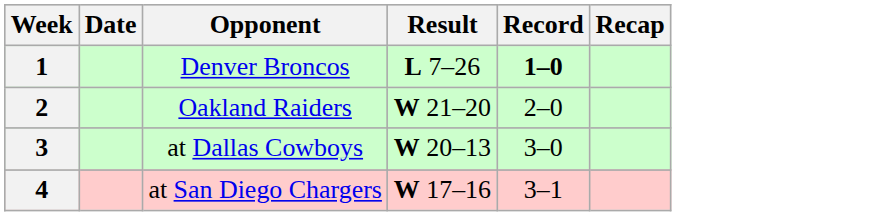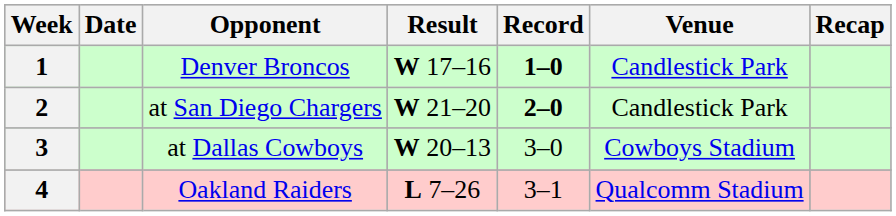 <table class="wikitable" style="text-align:center;">
 <tr>
 <th>Week</th>
 <th>Date</th>
 <th>Opponent</th>
 <th>Result</th>
 <th>Record</th>
+<th>Venue</th>
 <th>Recap</th>
 </tr>
 <tr style="background:#cfc">
 <th>1</th>
 <td></td>
 <td><a href='#'>Denver Broncos</a></td>
-<td><strong>L</strong> 7–26</td>
+<td><strong>W</strong> 17–16</td>
 <td><strong>1–0</strong></td>
+<td><a href='#'>Candlestick Park</a></td>
 <td></td>
 </tr>
 <tr style="background:#cfc">
 <th>2</th>
 <td></td>
-<td><a href='#'>Oakland Raiders</a></td>
+<td>at <a href='#'>San Diego Chargers</a></td>
 <td><strong>W</strong> 21–20</td>
-<td>2–0</td>
+<td><strong>2–0</strong></td>
+<td>Candlestick Park</td>
 <td></td>
 </tr>
 <tr style="background:#cfc">
 <th>3</th>
 <td></td>
 <td>at <a href='#'>Dallas Cowboys</a></td>
 <td><strong>W</strong> 20–13</td>
 <td>3–0</td>
+<td><a href='#'>Cowboys Stadium</a></td>
 <td></td>
 </tr>
 <tr style="background:#fcc">
 <th>4</th>
 <td></td>
-<td>at <a href='#'>San Diego Chargers</a></td>
-<td><strong>W</strong> 17–16</td>
+<td><a href='#'>Oakland Raiders</a></td>
+<td><strong>L</strong> 7–26</td>
 <td>3–1</td>
+<td><a href='#'>Qualcomm Stadium</a></td>
 <td></td>
 </tr>
 </table>
